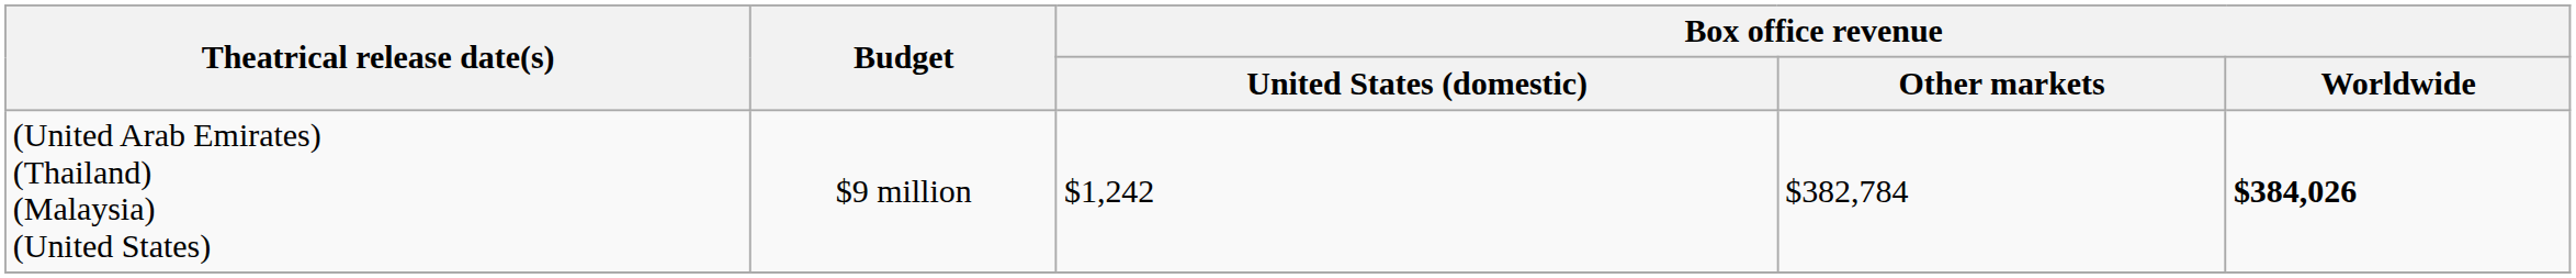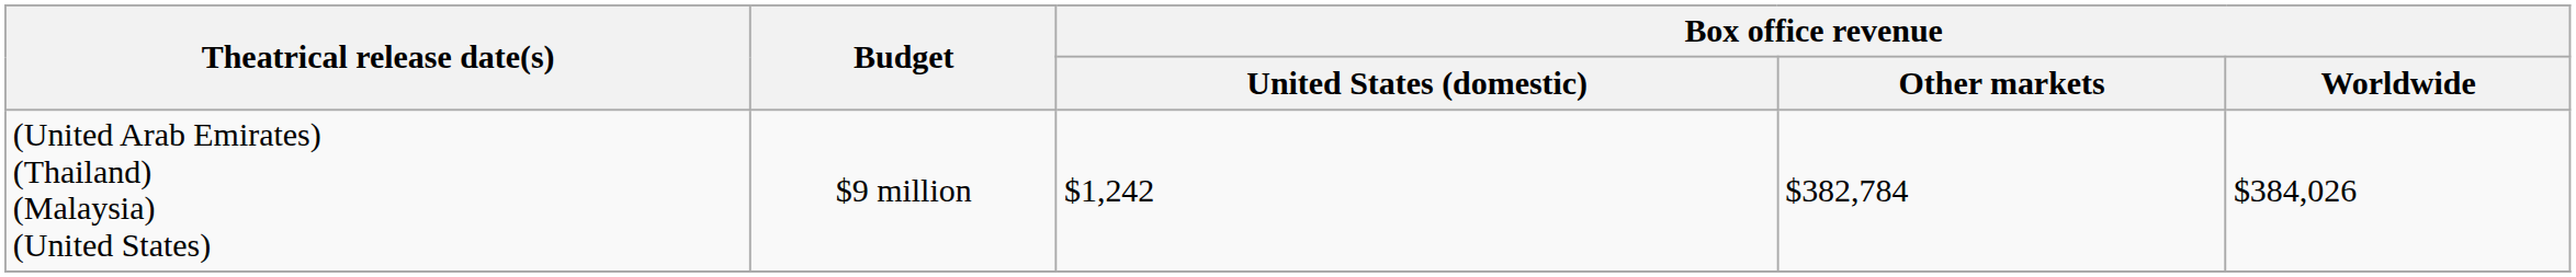 <table class="wikitable" width=99% border="1">
 <tr>
 <th rowspan="2"  align="center"><strong>Theatrical release date(s)</strong></th>
 <th rowspan="2"   align="center"><strong>Budget</strong></th>
 <th colspan="3"  align="center"><strong>Box office revenue</strong></th>
 </tr>
 <tr>
 <th align="center"><strong>United States (domestic)</strong></th>
 <th align="center"><strong>Other markets</strong></th>
 <th align="center"><strong>Worldwide</strong></th>
 </tr>
 <tr>
 <td> (United Arab Emirates)<br> (Thailand)<br> (Malaysia)<br> (United States)</td>
 <td align="center">$9 million</td>
 <td>$1,242</td>
 <td>$382,784</td>
-<td><strong>$384,026</strong></td>
+<td>$384,026</td>
 </tr>
 <tr>
 </tr>
 </table>
